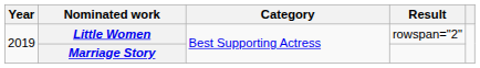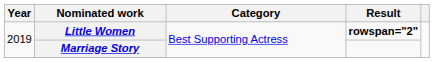 <table class="wikitable sortable">
 <tr>
 <th scope="col" style="width:1em;">Year</th>
 <th scope="col" style="width:25em;">Nominated work</th>
 <th scope="col" style="width:40em;">Category</th>
 <th scope="col" style="width:5em;">Result</th>
 <th scope="col" style="width:1em;"class="unsortable"></th>
 </tr>
 <tr>
 <td rowspan="2">2019</td>
 <th><em><a href='#'>Little Women</a></em></th>
 <td rowspan="2"><a href='#'>Best Supporting Actress</a></td>
-<td>rowspan="2" </td>
+<td><strong>rowspan="2" </strong></td>
 <td rowspan="2"></td>
 </tr>
 <tr>
 <th><em><a href='#'>Marriage Story</a></em></th>
 </tr>
 </table>
